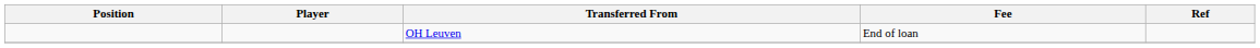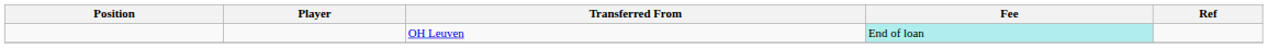 <table class="wikitable sortable" style="width:85%; text-align:center; font-size:100%; text-align:left;">
 <tr>
 <th>Position</th>
 <th>Player</th>
 <th>Transferred From</th>
 <th>Fee</th>
 <th>Ref</th>
 </tr>
 <tr>
 <td></td>
 <td></td>
 <td> <a href='#'>OH Leuven</a></td>
-<td>End of loan</td>
+<td style="background: paleturquoise;">End of loan</td>
 <td></td>
 </tr>
 <tr>
 </tr>
 </table>
